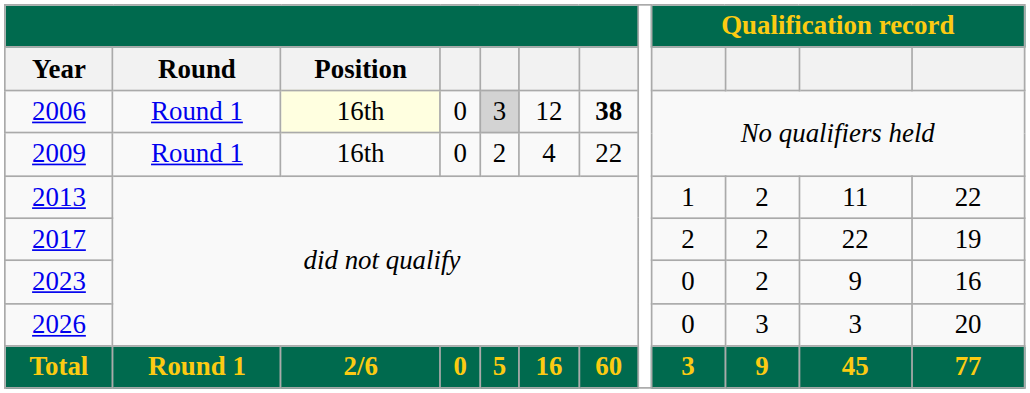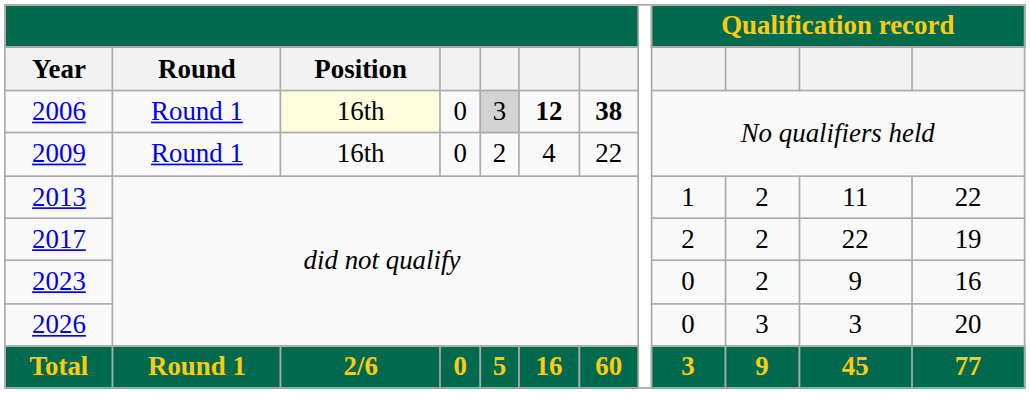 <table class="wikitable" style="text-align: center;">
 <tr>
 <th style="background:#006A4E;" colspan="7"><a href='#'></a></th>
 <th style="background:white; width:1%;" rowspan="9"></th>
 <th style="background:#006A4E; color:#FCCB12;" colspan="5">Qualification record</th>
 </tr>
 <tr>
 <th>Year</th>
 <th>Round</th>
 <th>Position</th>
 <th></th>
 <th></th>
 <th></th>
 <th></th>
 <th></th>
 <th></th>
 <th></th>
 <th></th>
 </tr>
 <tr>
 <td> <a href='#'>2006</a></td>
 <td><a href='#'>Round 1</a></td>
 <td style="background: lightyellow;">16th</td>
 <td>0</td>
 <td style="background: lightgrey;">3</td>
-<td>12</td>
+<td><strong>12</strong></td>
 <td><strong>38</strong></td>
 <td colspan=5 rowspan=2 align=center><em>No qualifiers held</em></td>
 </tr>
 <tr>
 <td> <a href='#'>2009</a></td>
 <td><a href='#'>Round 1</a></td>
 <td>16th</td>
 <td>0</td>
 <td>2</td>
 <td>4</td>
 <td>22</td>
 </tr>
 <tr>
 <td><a href='#'>2013</a></td>
 <td colspan=7 rowspan=4 align=center><em>did not qualify</em></td>
 <td>1</td>
 <td>2</td>
 <td>11</td>
 <td>22</td>
 </tr>
 <tr>
 <td><a href='#'>2017</a></td>
 <td>2</td>
 <td>2</td>
 <td>22</td>
 <td>19</td>
 </tr>
 <tr>
 <td><a href='#'>2023</a></td>
 <td>0</td>
 <td>2</td>
 <td>9</td>
 <td>16</td>
 </tr>
 <tr>
 <td><a href='#'>2026</a></td>
 <td>0</td>
 <td>3</td>
 <td>3</td>
 <td>20</td>
 </tr>
 <tr>
 <th style="color:#FCCB12; background:#006A4E;"><strong>Total</strong></th>
 <th style="color:#FCCB12; background:#006A4E;"><strong>Round 1</strong></th>
 <th style="color:#FCCB12; background:#006A4E;"><strong>2/6</strong></th>
 <th style="color:#FCCB12; background:#006A4E;"><strong>0</strong></th>
 <th style="color:#FCCB12; background:#006A4E;"><strong>5</strong></th>
 <th style="color:#FCCB12; background:#006A4E;"><strong>16</strong></th>
 <th style="color:#FCCB12; background:#006A4E;"><strong>60</strong></th>
 <th style="color:#FCCB12; background:#006A4E;"><strong>3</strong></th>
 <th style="color:#FCCB12; background:#006A4E;"><strong>9</strong></th>
 <th style="color:#FCCB12; background:#006A4E;"><strong>45</strong></th>
 <th style="color:#FCCB12; background:#006A4E;"><strong>77</strong></th>
 </tr>
 </table>
